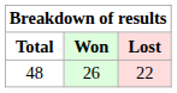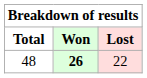 <table class="wikitable" style="text-align:center">
 <tr>
 <th colspan="3" style="background: #ffffff"><strong>Breakdown of results</strong></th>
 </tr>
 <tr>
 <td style="background: #ffffff;"><strong>Total</strong></td>
 <td style="background: #ddffdd;"><strong>Won</strong></td>
 <td style="background: #ffdddd;"><strong>Lost</strong></td>
 </tr>
 <tr>
 <td style="background: #ffffff;">48</td>
-<td style="background: #ddffdd;">26</td>
+<td style="background: #ddffdd;"><strong>26</strong></td>
 <td style="background: #ffdddd;">22</td>
 </tr>
 </table>
